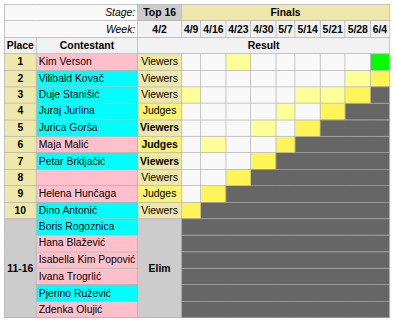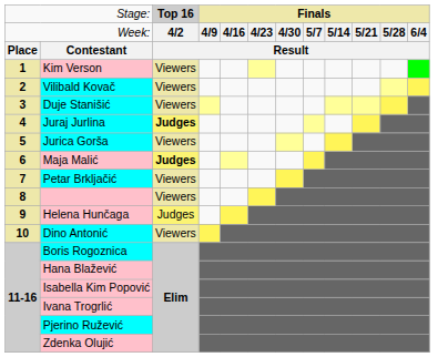 <table class="wikitable" align="center">
 <tr>
 <td colspan="2" align="right"><em>Stage:</em></td>
 <td bgcolor="CCCCCC" align="Center"><strong>Top 16</strong></td>
 <td colspan="9" bgcolor="palegoldenrod" align="Center"><strong>Finals</strong></td>
 </tr>
 <tr>
 <td colspan="2" align="right"><em>Week:</em></td>
 <th>4/2</th>
 <th>4/9</th>
 <th>4/16</th>
 <th>4/23</th>
 <th>4/30</th>
 <th>5/7</th>
 <th>5/14</th>
 <th>5/21</th>
 <th>5/28</th>
 <th>6/4</th>
 </tr>
 <tr>
 <th>Place</th>
 <th>Contestant</th>
 <th colspan="14" align="center">Result</th>
 </tr>
 <tr>
 <td align="center" bgcolor="palegoldenrod"><strong>1</strong></td>
 <td bgcolor="pink">Kim Verson</td>
 <td bgcolor="palegoldenrod" align="center">Viewers</td>
 <td></td>
 <td></td>
 <td bgcolor="#FFFF99" align="center"></td>
 <td></td>
 <td></td>
 <td></td>
 <td></td>
 <td></td>
 <td bgcolor="lime" align="center"></td>
 </tr>
 <tr>
 <td align="center" bgcolor="palegoldenrod"><strong>2</strong></td>
 <td bgcolor="cyan">Vilibald Kovač</td>
 <td bgcolor="palegoldenrod" align="center">Viewers</td>
 <td></td>
 <td></td>
 <td></td>
 <td></td>
 <td></td>
 <td></td>
 <td></td>
 <td bgcolor="#FFFF99" align="center"></td>
 <td bgcolor="#FFF558" align="center"></td>
 </tr>
 <tr>
 <td align="center" bgcolor="palegoldenrod"><strong>3</strong></td>
 <td bgcolor="cyan">Duje Stanišić</td>
 <td bgcolor="palegoldenrod" align="center">Viewers</td>
 <td bgcolor="#FFFF99" align="center"></td>
 <td></td>
 <td></td>
 <td></td>
 <td></td>
 <td bgcolor="#FFFF99" align="center"></td>
 <td bgcolor="#FFFF99" align="center"></td>
 <td bgcolor="#FFF558" align="center"></td>
 <td colspan="1" bgcolor="666666"></td>
 </tr>
 <tr>
 <td align="center" bgcolor="palegoldenrod"><strong>4</strong></td>
 <td bgcolor="cyan">Juraj Jurlina</td>
-<td bgcolor="#FBF373" align="center">Judges</td>
+<td bgcolor="#FBF373" align="center"><strong>Judges</strong></td>
 <td></td>
 <td></td>
 <td></td>
 <td></td>
 <td bgcolor="#FFFF99" align="center"></td>
 <td></td>
 <td bgcolor="#FFF558" align="center"></td>
 <td colspan="2" bgcolor="666666"></td>
 </tr>
 <tr>
 <td align="center" bgcolor="palegoldenrod"><strong>5</strong></td>
 <td bgcolor="cyan">Jurica Gorša</td>
-<td bgcolor="palegoldenrod" align="center"><strong>Viewers</strong></td>
+<td bgcolor="palegoldenrod" align="center">Viewers</td>
 <td></td>
 <td></td>
 <td></td>
 <td bgcolor="#FFFF99" align="center"></td>
 <td></td>
 <td bgcolor="#FFF558" align="center"></td>
 <td colspan="3" bgcolor="666666"></td>
 </tr>
 <tr>
 <td align="center" bgcolor="palegoldenrod"><strong>6</strong></td>
 <td bgcolor="pink">Maja Malić</td>
 <td bgcolor="#FBF373" align="center"><strong>Judges</strong></td>
 <td></td>
 <td bgcolor="#FFFF99" align="center"></td>
 <td></td>
 <td></td>
 <td bgcolor="#FFF558" align="center"></td>
 <td colspan="4" bgcolor="666666"></td>
 </tr>
 <tr>
 <td align="center" bgcolor="palegoldenrod"><strong>7</strong></td>
 <td bgcolor="cyan">Petar Brkljačić</td>
-<td bgcolor="palegoldenrod" align="center"><strong>Viewers</strong></td>
+<td bgcolor="palegoldenrod" align="center">Viewers</td>
 <td></td>
 <td></td>
 <td></td>
 <td bgcolor="#FFF558" align="center"></td>
 <td colspan="5" bgcolor="666666"></td>
 </tr>
 <tr>
 <td align="center" bgcolor="palegoldenrod"><strong>8</strong></td>
 <td bgcolor="pink"></td>
 <td bgcolor="palegoldenrod" align="center">Viewers</td>
 <td></td>
 <td></td>
 <td bgcolor="#FFF558" align="center"></td>
 <td colspan="6" bgcolor="666666"></td>
 </tr>
 <tr>
 <td align="center" bgcolor="palegoldenrod"><strong>9</strong></td>
 <td bgcolor="pink">Helena Hunčaga</td>
 <td bgcolor="#FBF373" align="center">Judges</td>
 <td></td>
 <td bgcolor="#FFF558" align="center"></td>
 <td colspan="7" bgcolor="666666"></td>
 </tr>
 <tr>
 <td align="center" bgcolor="palegoldenrod"><strong>10</strong></td>
 <td bgcolor="cyan">Dino Antonić</td>
 <td bgcolor="palegoldenrod" align="center">Viewers</td>
 <td bgcolor="#FFF558" align="center"></td>
 <td colspan="8" bgcolor="666666"></td>
 </tr>
 <tr>
 <td bgcolor="CCCCCC" align="center" rowspan="6"><strong>11-16</strong></td>
 <td bgcolor="cyan">Boris Rogoznica</td>
 <td bgcolor="#CCCCCC" align="center" rowspan="6"><strong>Elim</strong></td>
 <td colspan="9" bgcolor="666666"></td>
 </tr>
 <tr>
 <td bgcolor="pink">Hana Blažević</td>
 <td colspan="9" bgcolor="666666"></td>
 </tr>
 <tr>
 <td bgcolor="pink">Isabella Kim Popović</td>
 <td colspan="9" bgcolor="666666"></td>
 </tr>
 <tr>
 <td bgcolor="pink">Ivana Trogrlić</td>
 <td colspan="9" bgcolor="666666"></td>
 </tr>
 <tr>
 <td bgcolor="cyan">Pjerino Ružević</td>
 <td colspan="9" bgcolor="666666"></td>
 </tr>
 <tr>
 <td bgcolor="pink">Zdenka Olujić</td>
 <td colspan="9" bgcolor="666666"></td>
 </tr>
 </table>
